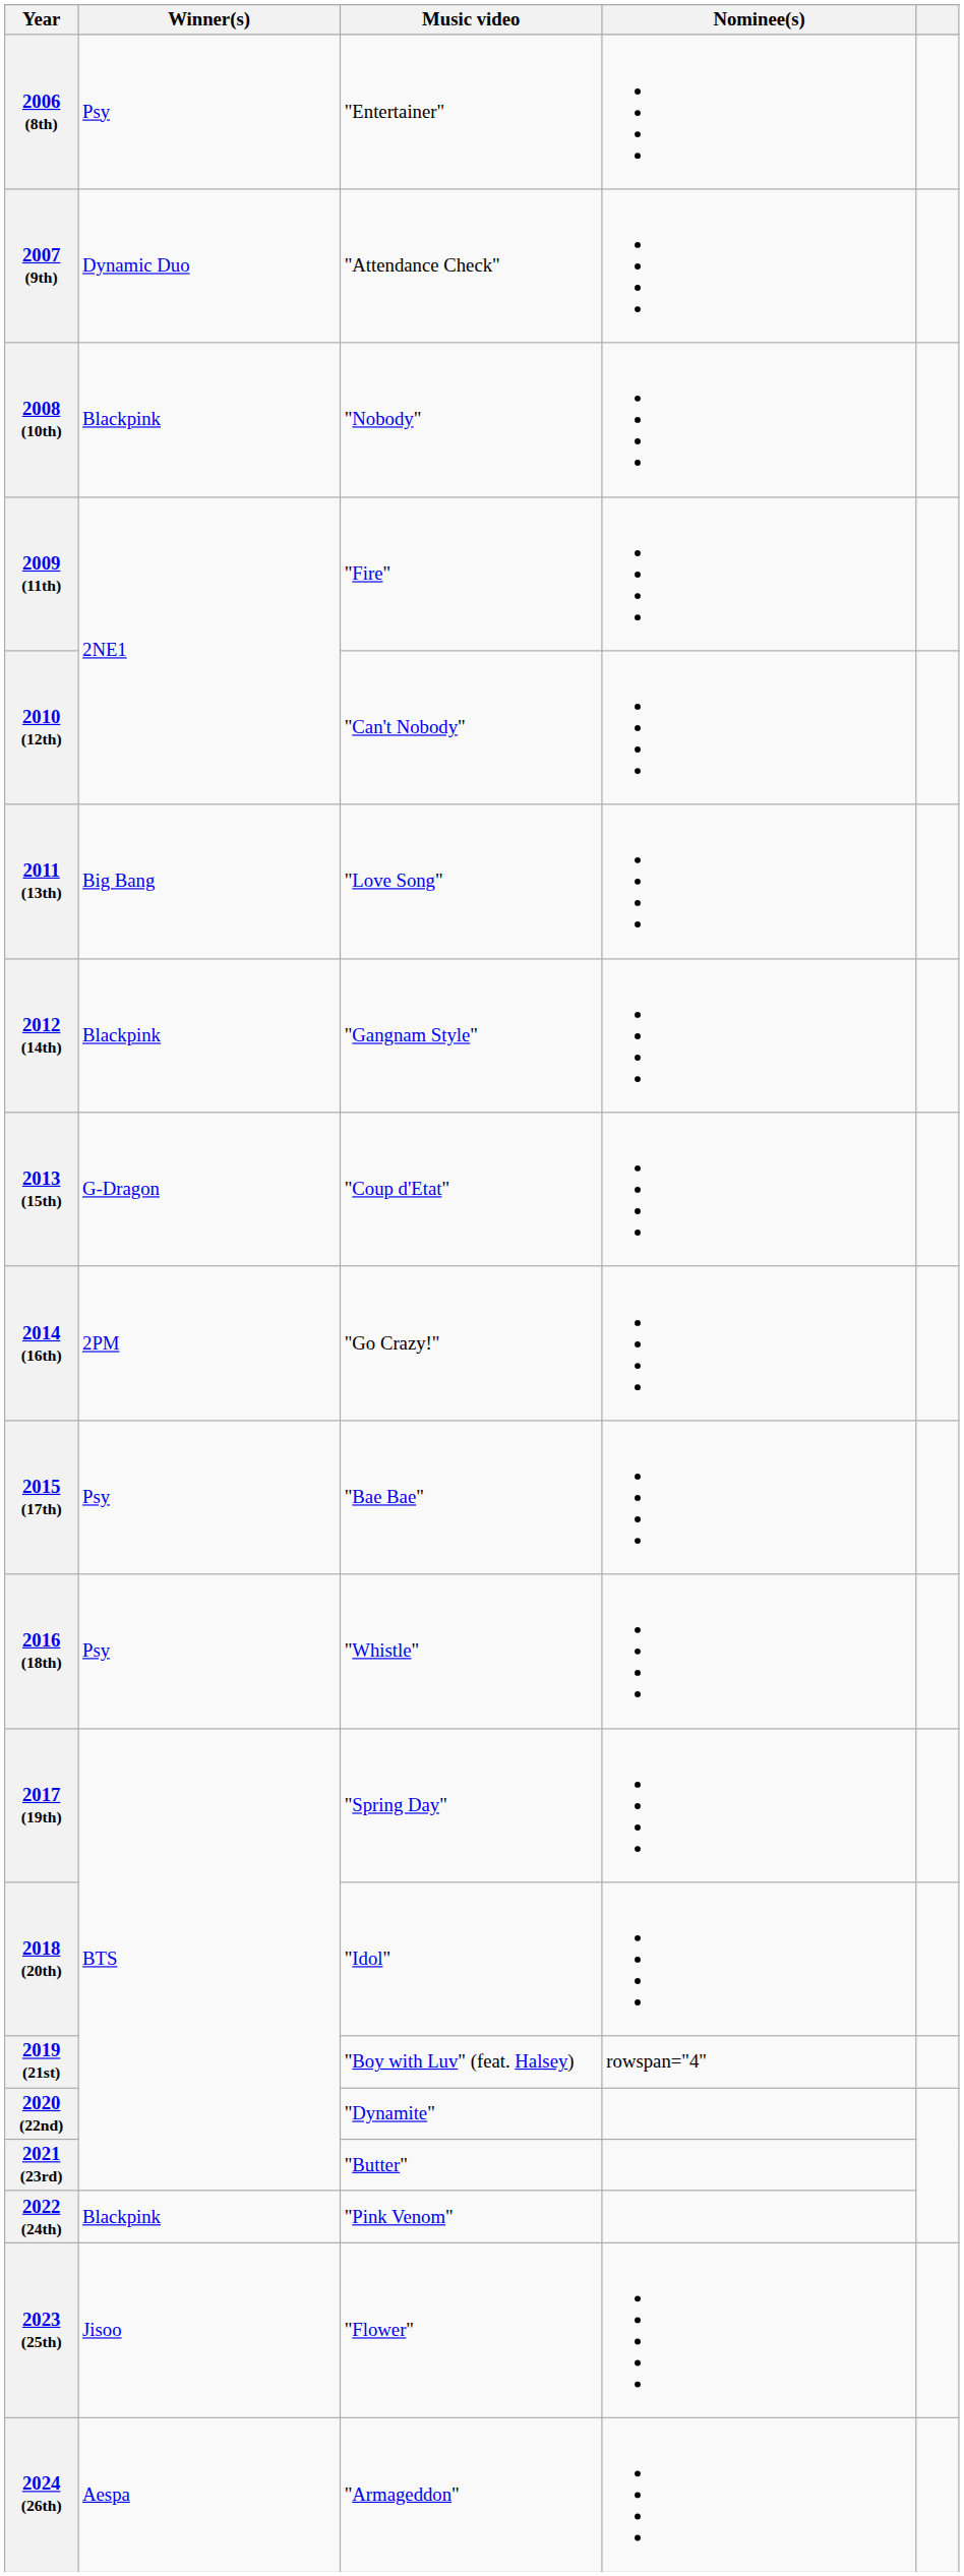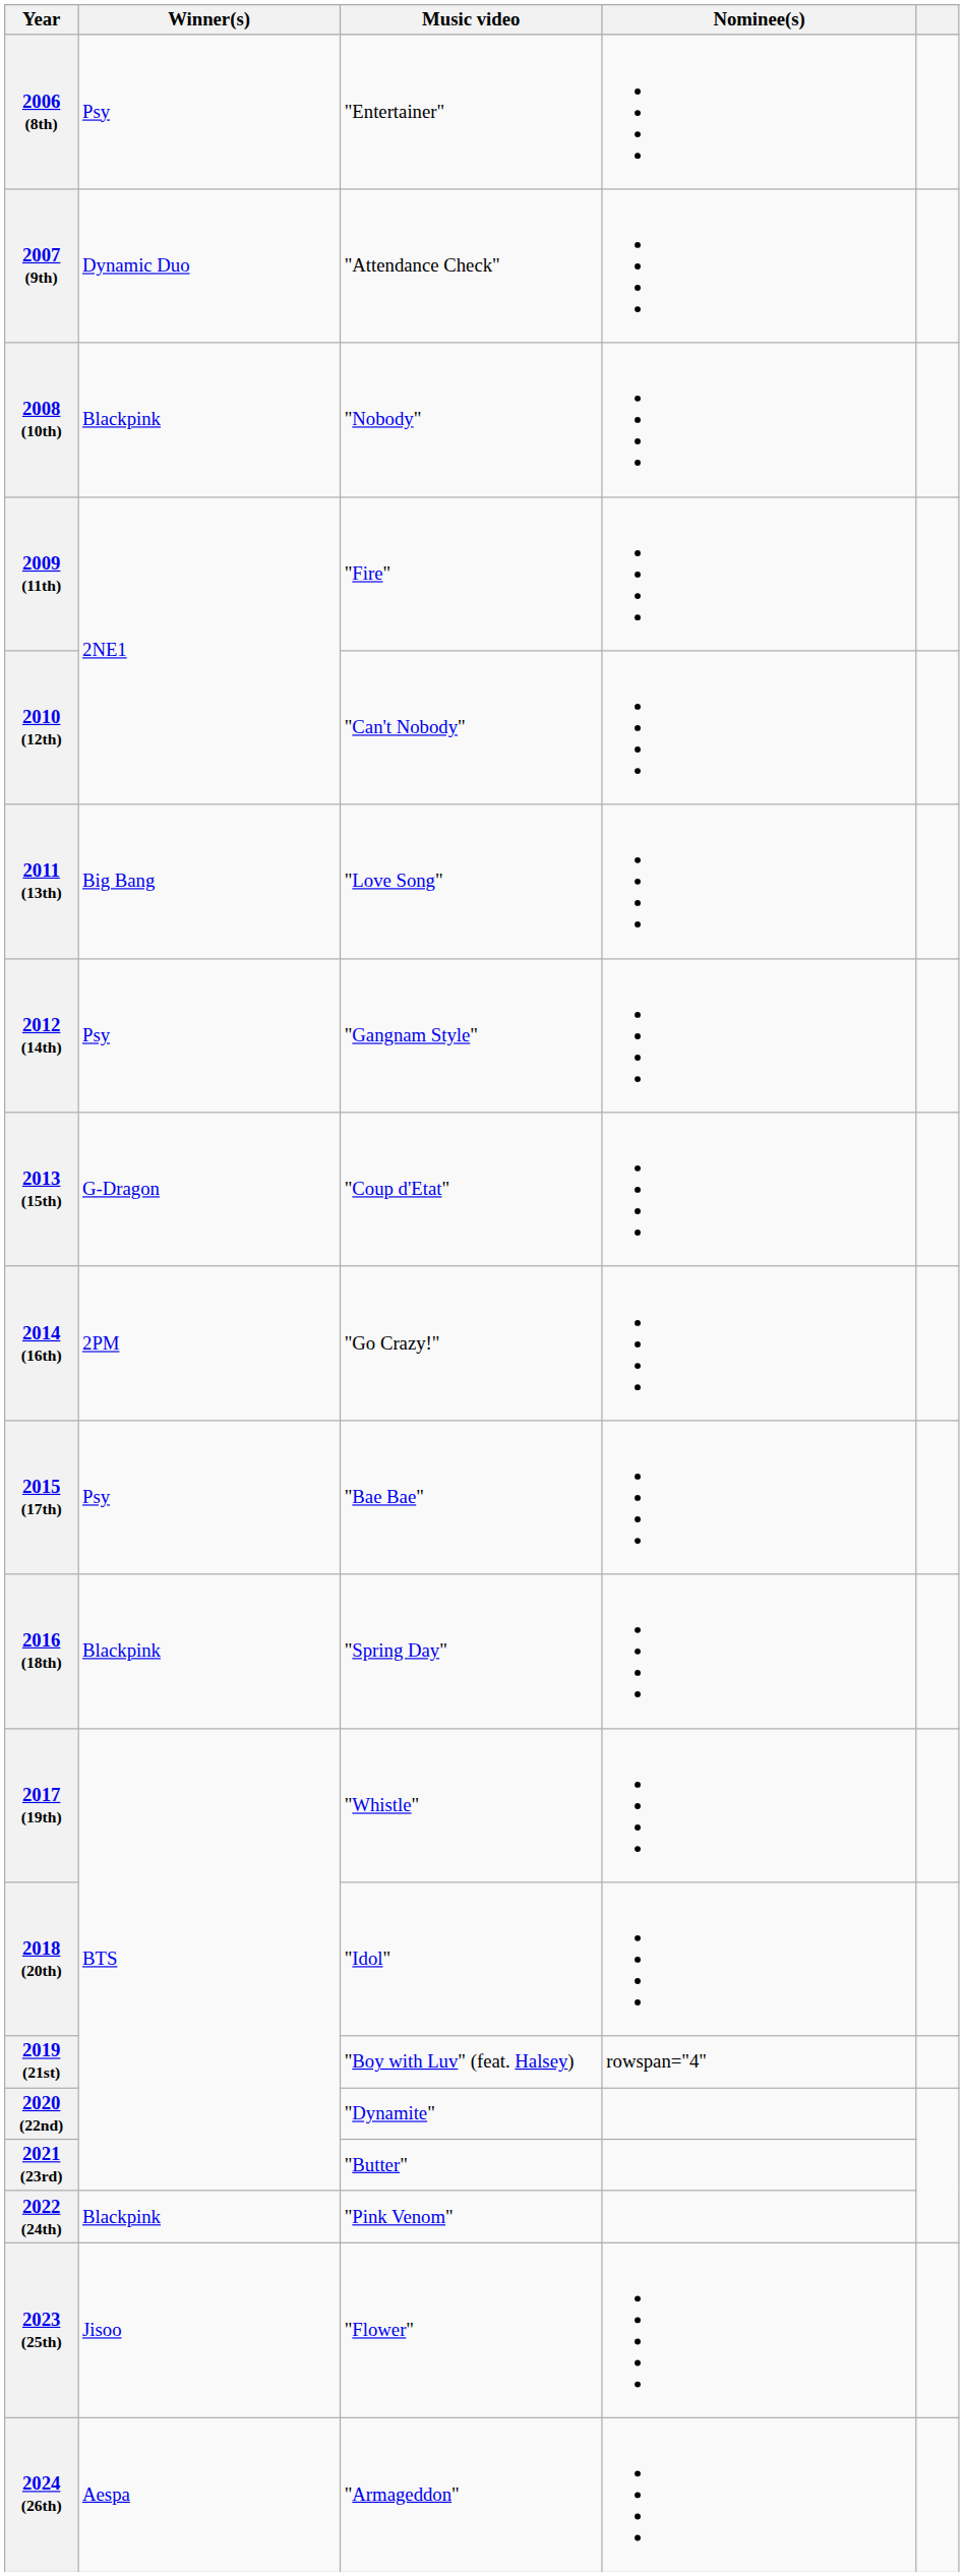 <table class="wikitable plainrowheaders sortable" border="2" cellpadding="4" rowspan="2" background: #f6e39c;>
 <tr style="background:#bebebe;">
 <th scope="col" style="width:7%;">Year</th>
 <th scope="col" style="width:25%;">Winner(s)</th>
 <th scope="col" style="width:25%;">Music video</th>
 <th scope="col" class="unsortable" style="width:30%;">Nominee(s)</th>
 <th scope="col" class="unsortable" style="width:4%;"></th>
 </tr>
 <tr>
 <th scope="row" style="text-align:center;"><a href='#'>2006</a><br><small>(8th)</small></th>
 <td><a href='#'>Psy</a></td>
 <td>"Entertainer"</td>
 <td><br><ul><li></li><li></li><li></li><li></li></ul></td>
 <td style="text-align:center"><br></td>
 </tr>
 <tr>
 <th scope="row" style="text-align:center;"><a href='#'>2007</a><br><small>(9th)</small></th>
 <td><a href='#'>Dynamic Duo</a></td>
 <td>"Attendance Check"</td>
 <td><br><ul><li></li><li></li><li></li><li></li></ul></td>
 <td style="text-align:center"><br></td>
 </tr>
 <tr>
 <th scope="row" style="text-align:center;"><a href='#'>2008</a><br><small>(10th)</small></th>
 <td><a href='#'>Blackpink</a></td>
 <td>"<a href='#'>Nobody</a>"</td>
 <td><br><ul><li></li><li></li><li></li><li></li></ul></td>
 <td style="text-align:center"><br></td>
 </tr>
 <tr>
 <th scope="row" style="text-align:center;"><a href='#'>2009</a><br><small>(11th)</small></th>
 <td rowspan="2"><a href='#'>2NE1</a></td>
 <td>"<a href='#'>Fire</a>"</td>
 <td><br><ul><li></li><li></li><li></li><li></li></ul></td>
 <td style="text-align:center"></td>
 </tr>
 <tr>
 <th scope="row" style="text-align:center;"><a href='#'>2010</a><br><small>(12th)</small></th>
 <td>"<a href='#'>Can't Nobody</a>"</td>
 <td><br><ul><li></li><li></li><li></li><li></li></ul></td>
 <td style="text-align:center"></td>
 </tr>
 <tr>
 <th scope="row" style="text-align:center;"><a href='#'>2011</a><br><small>(13th)</small></th>
 <td><a href='#'>Big Bang</a></td>
 <td>"<a href='#'>Love Song</a>"</td>
 <td><br><ul><li></li><li></li><li></li><li></li></ul></td>
 <td style="text-align:center"><br></td>
 </tr>
 <tr>
 <th scope="row" style="text-align:center;"><a href='#'>2012</a><br><small>(14th)</small></th>
-<td><a href='#'>Blackpink</a></td>
+<td><a href='#'>Psy</a></td>
 <td>"<a href='#'>Gangnam Style</a>"</td>
 <td><br><ul><li></li><li></li><li></li><li></li></ul></td>
 <td style="text-align:center"></td>
 </tr>
 <tr>
 <th scope="row" style="text-align:center;"><a href='#'>2013</a><br><small>(15th)</small></th>
 <td><a href='#'>G-Dragon</a></td>
 <td>"<a href='#'>Coup d'Etat</a>"</td>
 <td><br><ul><li></li><li></li><li></li><li></li></ul></td>
 <td style="text-align:center"></td>
 </tr>
 <tr>
 <th scope="row" style="text-align:center;"><a href='#'>2014</a><br><small>(16th)</small></th>
 <td><a href='#'>2PM</a></td>
 <td>"Go Crazy!"</td>
 <td><br><ul><li></li><li></li><li></li><li></li></ul></td>
 <td style="text-align:center"></td>
 </tr>
 <tr>
 <th scope="row" style="text-align:center;"><a href='#'>2015</a><br><small>(17th)</small></th>
 <td><a href='#'>Psy</a></td>
 <td>"<a href='#'>Bae Bae</a>"</td>
 <td><br><ul><li></li><li></li><li></li><li></li></ul></td>
 <td style="text-align:center"><br></td>
 </tr>
 <tr>
 <th scope="row" style="text-align:center;"><a href='#'>2016</a><br><small>(18th)</small></th>
-<td><a href='#'>Psy</a></td>
-<td>"<a href='#'>Whistle</a>"</td>
+<td><a href='#'>Blackpink</a></td>
+<td>"<a href='#'>Spring Day</a>"</td>
 <td><br><ul><li></li><li></li><li></li><li></li></ul></td>
 <td style="text-align:center"><br></td>
 </tr>
 <tr>
 <th scope="row" style="text-align:center;"><a href='#'>2017</a><br><small>(19th)</small></th>
 <td rowspan="5"><a href='#'>BTS</a></td>
-<td>"<a href='#'>Spring Day</a>"</td>
+<td>"<a href='#'>Whistle</a>"</td>
 <td><br><ul><li></li><li></li><li></li><li></li></ul></td>
 <td style="text-align:center"><br></td>
 </tr>
 <tr>
 <th scope="row" style="text-align:center;"><a href='#'>2018</a><br><small>(20th)</small></th>
 <td>"<a href='#'>Idol</a>"</td>
 <td><br><ul><li></li><li></li><li></li><li></li></ul></td>
 <td style="text-align:center"><br></td>
 </tr>
 <tr>
 <th scope="row" style="text-align:center;"><a href='#'>2019</a><br><small>(21st)</small></th>
 <td>"<a href='#'>Boy with Luv</a>" (feat. <a href='#'>Halsey</a>)</td>
 <td>rowspan="4" </td>
 <td style="text-align:center"></td>
 </tr>
 <tr>
 <th scope="row" style="text-align:center;"><a href='#'>2020</a><br><small>(22nd)</small></th>
 <td>"<a href='#'>Dynamite</a>"</td>
 <td style="text-align:center"></td>
 </tr>
 <tr>
 <th scope="row" style="text-align:center;"><a href='#'>2021</a><br><small>(23rd)</small></th>
 <td>"<a href='#'>Butter</a>"</td>
 <td style="text-align:center"></td>
 </tr>
 <tr>
 <th scope="row" style="text-align:center;"><a href='#'>2022</a><br><small>(24th)</small></th>
 <td><a href='#'>Blackpink</a></td>
 <td>"<a href='#'>Pink Venom</a>"</td>
 <td style="text-align:center"></td>
 </tr>
 <tr>
 <th scope="row" style="text-align:center;"><a href='#'>2023</a><br><small>(25th)</small></th>
 <td><a href='#'>Jisoo</a></td>
 <td>"<a href='#'>Flower</a>"</td>
 <td><br><ul><li></li><li></li><li></li><li></li><li></li></ul></td>
 <td style="text-align:center"></td>
 </tr>
 <tr>
 <th scope="row" style="text-align:center;"><a href='#'>2024</a><br><small>(26th)</small></th>
 <td><a href='#'>Aespa</a></td>
 <td>"<a href='#'>Armageddon</a>"</td>
 <td><br><ul><li></li><li></li><li></li><li></li></ul></td>
 <td style="text-align:center"></td>
 </tr>
 </table>
